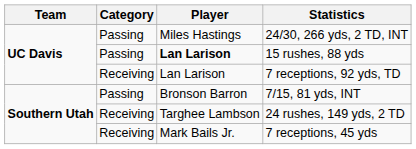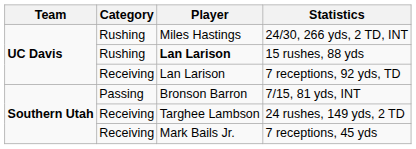 <table class="wikitable" style="float: right;">
 <tr>
 <th>Team</th>
 <th>Category</th>
 <th>Player</th>
 <th>Statistics</th>
 </tr>
 <tr>
 <td rowspan=3><strong>UC Davis</strong></td>
-<td>Passing</td>
+<td>Rushing</td>
 <td>Miles Hastings</td>
 <td>24/30, 266 yds, 2 TD, INT</td>
 </tr>
 <tr>
-<td>Passing</td>
+<td>Rushing</td>
 <td><strong>Lan Larison</strong></td>
 <td>15 rushes, 88 yds</td>
 </tr>
 <tr>
 <td>Receiving</td>
 <td>Lan Larison</td>
 <td>7 receptions, 92 yds, TD</td>
 </tr>
 <tr>
 <td rowspan=3><strong>Southern Utah</strong></td>
 <td>Passing</td>
 <td>Bronson Barron</td>
 <td>7/15, 81 yds, INT</td>
 </tr>
 <tr>
 <td>Receiving</td>
 <td>Targhee Lambson</td>
 <td>24 rushes, 149 yds, 2 TD</td>
 </tr>
 <tr>
 <td>Receiving</td>
 <td>Mark Bails Jr.</td>
 <td>7 receptions, 45 yds</td>
 </tr>
 </table>
